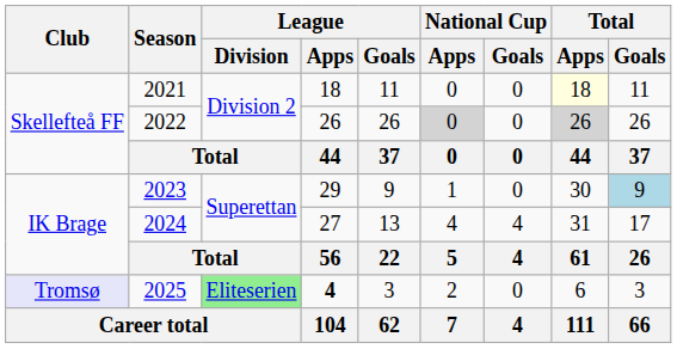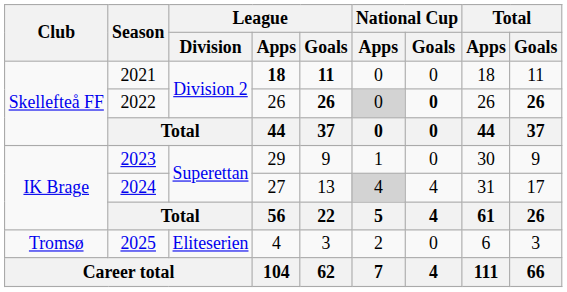 <table class="wikitable" style="text-align: center;">
 <tr>
 <th rowspan=2>Club</th>
 <th rowspan=2>Season</th>
 <th colspan=3>League</th>
 <th colspan=2>National Cup</th>
 <th colspan=2>Total</th>
 </tr>
 <tr>
 <th>Division</th>
 <th>Apps</th>
 <th>Goals</th>
 <th>Apps</th>
 <th>Goals</th>
 <th>Apps</th>
 <th>Goals</th>
 </tr>
 <tr>
 <td rowspan=3><a href='#'>Skellefteå FF</a></td>
 <td>2021</td>
 <td rowspan=2><a href='#'>Division 2</a></td>
-<td>18</td>
-<td>11</td>
+<td><strong>18</strong></td>
+<td><strong>11</strong></td>
 <td>0</td>
 <td>0</td>
-<td style="background: lightyellow;">18</td>
+<td>18</td>
 <td>11</td>
 </tr>
 <tr>
 <td>2022</td>
 <td>26</td>
+<td><strong>26</strong></td>
+<td style="background: lightgrey;">0</td>
+<td><strong>0</strong></td>
 <td>26</td>
-<td style="background: lightgrey;">0</td>
-<td>0</td>
-<td style="background: lightgrey;">26</td>
-<td>26</td>
+<td><strong>26</strong></td>
 </tr>
 <tr>
 <th colspan=2>Total</th>
 <th>44</th>
 <th>37</th>
 <th>0</th>
 <th>0</th>
 <th>44</th>
 <th>37</th>
 </tr>
 <tr>
 <td rowspan=3><a href='#'>IK Brage</a></td>
 <td><a href='#'>2023</a></td>
 <td rowspan=2><a href='#'>Superettan</a></td>
 <td>29</td>
 <td>9</td>
 <td>1</td>
 <td>0</td>
 <td>30</td>
-<td style="background: lightblue;">9</td>
+<td>9</td>
 </tr>
 <tr>
 <td><a href='#'>2024</a></td>
 <td>27</td>
 <td>13</td>
-<td>4</td>
+<td style="background: lightgrey;">4</td>
 <td>4</td>
 <td>31</td>
 <td>17</td>
 </tr>
 <tr>
 <th colspan=2>Total</th>
 <th>56</th>
 <th>22</th>
 <th>5</th>
 <th>4</th>
 <th>61</th>
 <th>26</th>
 </tr>
 <tr>
-<td style="background: lavender;"><a href='#'>Tromsø</a></td>
+<td><a href='#'>Tromsø</a></td>
 <td><a href='#'>2025</a></td>
-<td style="background: lightgreen;"><a href='#'>Eliteserien</a></td>
-<td><strong>4</strong></td>
+<td><a href='#'>Eliteserien</a></td>
+<td>4</td>
 <td>3</td>
 <td>2</td>
 <td>0</td>
 <td>6</td>
 <td>3</td>
 </tr>
 <tr>
 <th colspan=3>Career total</th>
 <th>104</th>
 <th>62</th>
 <th>7</th>
 <th>4</th>
 <th>111</th>
 <th>66</th>
 </tr>
 </table>
